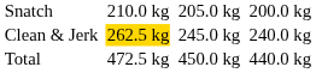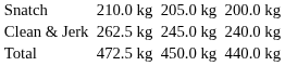 <table>
 <tr>
 <td>Snatch</td>
 <td></td>
 <td>210.0 kg</td>
 <td></td>
 <td>205.0 kg</td>
 <td></td>
 <td>200.0 kg</td>
 </tr>
 <tr>
 <td>Clean & Jerk</td>
 <td></td>
-<td style="background: gold;">262.5 kg</td>
+<td>262.5 kg</td>
 <td></td>
 <td>245.0 kg</td>
 <td></td>
 <td>240.0 kg</td>
 </tr>
 <tr>
 <td>Total</td>
 <td></td>
 <td>472.5 kg</td>
 <td></td>
 <td>450.0 kg</td>
 <td></td>
 <td>440.0 kg</td>
 </tr>
 </table>
